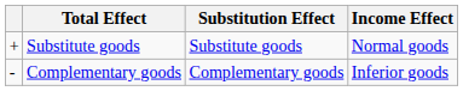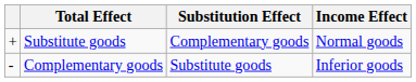 <table class="wikitable">
 <tr>
 <th></th>
 <th>Total Effect</th>
 <th>Substitution Effect</th>
 <th>Income Effect</th>
 </tr>
 <tr>
 <td>+</td>
 <td><a href='#'>Substitute goods</a></td>
-<td><a href='#'>Substitute goods</a></td>
+<td><a href='#'>Complementary goods</a></td>
 <td><a href='#'>Normal goods</a></td>
 </tr>
 <tr>
 <td>-</td>
 <td><a href='#'>Complementary goods</a></td>
-<td><a href='#'>Complementary goods</a></td>
+<td><a href='#'>Substitute goods</a></td>
 <td><a href='#'>Inferior goods</a></td>
 </tr>
 </table>
